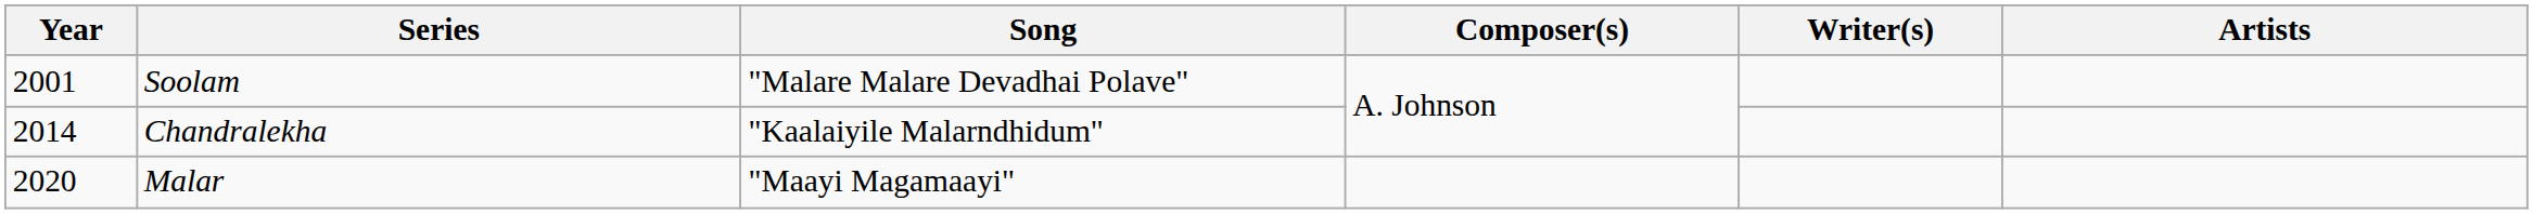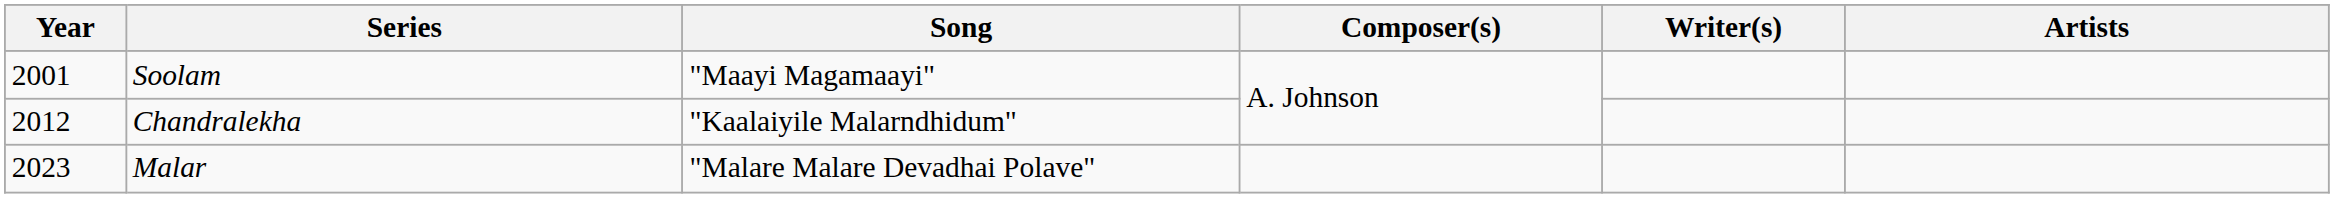 <table class="wikitable plainrowheaders" width="100%" textcolor:#000;">
 <tr style="background:#b0e0e66;">
 <th scope="col" width=5%>Year</th>
 <th scope="col" width=23%>Series</th>
 <th scope="col" width=23%>Song</th>
 <th scope="col" width=15%>Composer(s)</th>
 <th scope="col" width=10%>Writer(s)</th>
 <th scope="col" width=20%>Artists</th>
 </tr>
 <tr>
 <td>2001</td>
 <td><em>Soolam</em></td>
-<td>"Malare Malare Devadhai Polave"</td>
+<td>"Maayi Magamaayi"</td>
 <td rowspan="2">A. Johnson</td>
 <td></td>
 <td></td>
 </tr>
 <tr>
-<td>2014</td>
+<td>2012</td>
 <td><em>Chandralekha</em></td>
 <td>"Kaalaiyile Malarndhidum"</td>
 <td></td>
 <td></td>
 </tr>
 <tr>
-<td>2020</td>
+<td>2023</td>
 <td><em>Malar</em></td>
-<td>"Maayi Magamaayi"</td>
+<td>"Malare Malare Devadhai Polave"</td>
 <td></td>
 <td></td>
 <td></td>
 </tr>
 </table>
